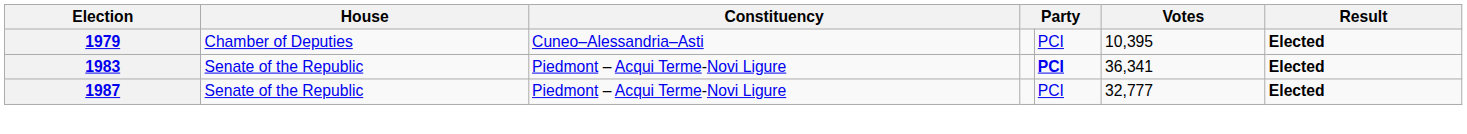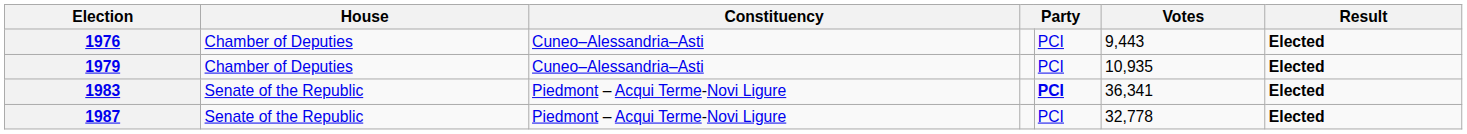 <table class=wikitable style="width:75%; border:1px #AAAAFF solid">
 <tr>
 <th width=12%>Election</th>
 <th width=20%>House</th>
 <th width=30%>Constituency</th>
 <th width=5% colspan="2">Party</th>
 <th width=10%>Votes</th>
 <th width=12%>Result</th>
 </tr>
 <tr>
+<th><a href='#'>1976</a></th>
+<td><a href='#'>Chamber of Deputies</a></td>
+<td><a href='#'>Cuneo–Alessandria–Asti</a></td>
+<td></td>
+<td><a href='#'>PCI</a></td>
+<td>9,443</td>
+<td> <strong>Elected</strong></td>
+</tr>
+<tr>
 <th><a href='#'>1979</a></th>
 <td><a href='#'>Chamber of Deputies</a></td>
 <td><a href='#'>Cuneo–Alessandria–Asti</a></td>
 <td></td>
 <td><a href='#'>PCI</a></td>
-<td>10,395</td>
+<td>10,935</td>
 <td> <strong>Elected</strong></td>
 </tr>
 <tr>
 <th><a href='#'>1983</a></th>
 <td><a href='#'>Senate of the Republic</a></td>
 <td><a href='#'>Piedmont</a> – <a href='#'>Acqui Terme</a>-<a href='#'>Novi Ligure</a></td>
 <td></td>
 <td><strong><a href='#'>PCI</a></strong></td>
 <td>36,341</td>
 <td> <strong>Elected</strong></td>
 </tr>
 <tr>
 <th><a href='#'>1987</a></th>
 <td><a href='#'>Senate of the Republic</a></td>
 <td><a href='#'>Piedmont</a> – <a href='#'>Acqui Terme</a>-<a href='#'>Novi Ligure</a></td>
 <td></td>
 <td><a href='#'>PCI</a></td>
-<td>32,777</td>
+<td>32,778</td>
 <td> <strong>Elected</strong></td>
 </tr>
 </table>
